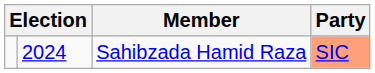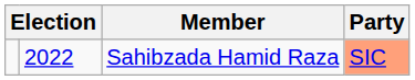 <table class="wikitable">
 <tr>
 <th colspan="2">Election</th>
 <th>Member</th>
 <th>Party</th>
 </tr>
 <tr>
 <td style="background-color: "></td>
-<td><a href='#'>2024</a></td>
+<td><a href='#'>2022</a></td>
 <td><a href='#'>Sahibzada Hamid Raza</a></td>
 <td style="background: lightsalmon;"><a href='#'>SIC</a></td>
 </tr>
 </table>
